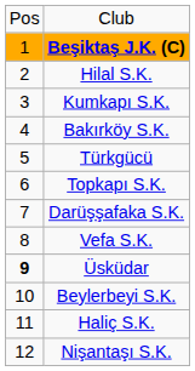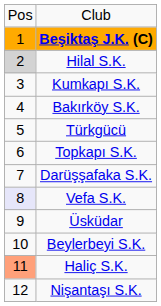 <table class="wikitable" style="text-align: center;">
 <tr>
 <td>Pos</td>
 <td>Club</td>
 </tr>
 <tr style="background: #FFAA00;">
 <td>1</td>
 <td><strong><a href='#'>Beşiktaş J.K.</a> (C)</strong></td>
 </tr>
 <tr>
-<td>2</td>
+<td style="background: lightgrey;">2</td>
 <td><a href='#'>Hilal S.K.</a></td>
 </tr>
 <tr>
 <td>3</td>
 <td><a href='#'>Kumkapı S.K.</a></td>
 </tr>
 <tr>
 <td>4</td>
 <td><a href='#'>Bakırköy S.K.</a></td>
 </tr>
 <tr>
 <td>5</td>
 <td><a href='#'>Türkgücü</a></td>
 </tr>
 <tr>
 <td>6</td>
 <td><a href='#'>Topkapı S.K.</a></td>
 </tr>
 <tr>
 <td>7</td>
 <td><a href='#'>Darüşşafaka S.K.</a></td>
 </tr>
 <tr>
-<td>8</td>
+<td style="background: lavender;">8</td>
 <td><a href='#'>Vefa S.K.</a></td>
 </tr>
 <tr>
-<td><strong>9</strong></td>
+<td>9</td>
 <td><a href='#'>Üsküdar</a></td>
 </tr>
 <tr>
 <td>10</td>
 <td><a href='#'>Beylerbeyi S.K.</a></td>
 </tr>
 <tr>
-<td>11</td>
+<td style="background: lightsalmon;">11</td>
 <td><a href='#'>Haliç S.K.</a></td>
 </tr>
 <tr>
 <td>12</td>
 <td><a href='#'>Nişantaşı S.K.</a></td>
 </tr>
 </table>
